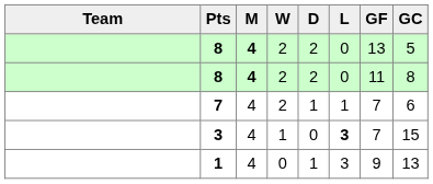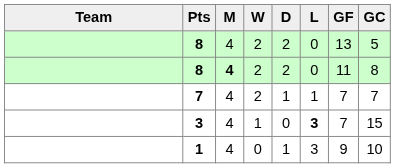 <table style=border-collapse:collapse border=1 cellspacing=0 cellpadding=5>
 <tr align=center bgcolor=#efefef>
 <th width=185>Team</th>
 <th width=20>Pts</th>
 <th width=20>M</th>
 <th width=20>W</th>
 <th width=20>D</th>
 <th width=20>L</th>
 <th width=20>GF</th>
 <th width=20>GC</th>
 </tr>
 <tr align=center bgcolor=#ccffcc>
 <td style="text-align:left;"></td>
 <td><strong>8</strong></td>
-<td><strong>4</strong></td>
+<td>4</td>
 <td>2</td>
 <td>2</td>
 <td>0</td>
 <td>13</td>
 <td>5</td>
 </tr>
 <tr align=center bgcolor=#ccffcc>
 <td style="text-align:left;"></td>
 <td><strong>8</strong></td>
 <td><strong>4</strong></td>
 <td>2</td>
 <td>2</td>
 <td>0</td>
 <td>11</td>
 <td>8</td>
 </tr>
 <tr align=center>
 <td style="text-align:left;"></td>
 <td><strong>7</strong></td>
 <td>4</td>
 <td>2</td>
 <td>1</td>
 <td>1</td>
 <td>7</td>
-<td>6</td>
+<td>7</td>
 </tr>
 <tr align=center>
 <td style="text-align:left;"></td>
 <td><strong>3</strong></td>
 <td>4</td>
 <td>1</td>
 <td>0</td>
 <td><strong>3</strong></td>
 <td>7</td>
 <td>15</td>
 </tr>
 <tr align=center>
 <td style="text-align:left;"></td>
 <td><strong>1</strong></td>
 <td>4</td>
 <td>0</td>
 <td>1</td>
 <td>3</td>
 <td>9</td>
-<td>13</td>
+<td>10</td>
 </tr>
 </table>
